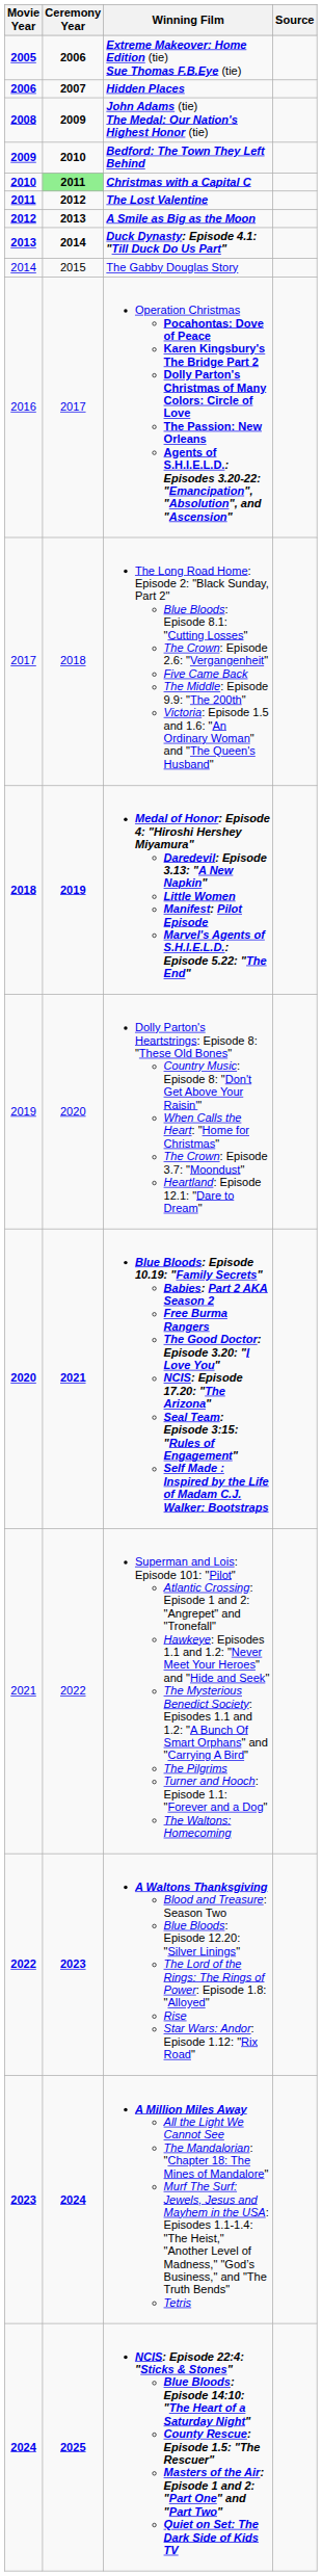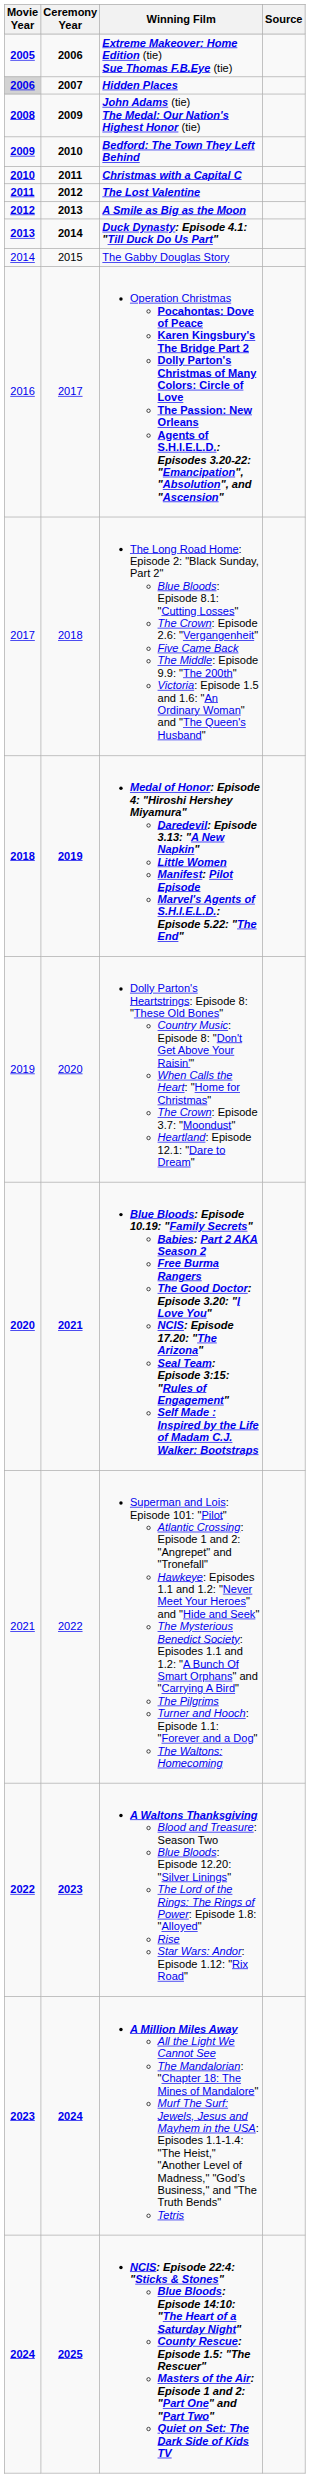 <table class="wikitable" style="width:70%">
 <tr bgcolor="#bebebe">
 <th width="5%">Movie Year</th>
 <th width="5%">Ceremony Year</th>
 <th width="55%">Winning Film</th>
 <th width="5%">Source</th>
 </tr>
 <tr>
 <td style="text-align:center"><strong><a href='#'>2005</a></strong></td>
 <td style="text-align:center"><strong>2006</strong></td>
 <td><strong><em><a href='#'>Extreme Makeover: Home Edition</a></em></strong> (tie)<br><strong><em><a href='#'>Sue Thomas F.B.Eye</a></em></strong> (tie)</td>
 <td style="text-align:center"></td>
 </tr>
 <tr>
-<td style="text-align:center"><strong><a href='#'>2006</a></strong></td>
+<td style="background: lightgrey; text-align:center"><strong><a href='#'>2006</a></strong></td>
 <td style="text-align:center"><strong>2007</strong></td>
 <td><strong><em><a href='#'>Hidden Places</a></em></strong></td>
 <td style="text-align:center"></td>
 </tr>
 <tr>
 <td style="text-align:center"><strong><a href='#'>2008</a></strong></td>
 <td style="text-align:center"><strong>2009</strong></td>
 <td><strong><em><a href='#'>John Adams</a></em></strong> (tie)<br><strong><em><a href='#'>The Medal: Our Nation's Highest Honor</a></em></strong> (tie)</td>
 <td style="text-align:center"></td>
 </tr>
 <tr>
 <td style="text-align:center"><strong><a href='#'>2009</a></strong></td>
 <td style="text-align:center"><strong>2010</strong></td>
 <td><strong><em><a href='#'>Bedford: The Town They Left Behind</a></em></strong></td>
 <td style="text-align:center"></td>
 </tr>
 <tr>
 <td style="text-align:center"><strong><a href='#'>2010</a></strong></td>
-<td style="background: lightgreen; text-align:center"><strong>2011</strong></td>
+<td style="text-align:center"><strong>2011</strong></td>
 <td><strong><em><a href='#'>Christmas with a Capital C</a></em></strong></td>
 <td style="text-align:center"></td>
 </tr>
 <tr>
 <td style="text-align:center"><strong><a href='#'>2011</a></strong></td>
 <td style="text-align:center"><strong>2012</strong></td>
 <td><strong><em><a href='#'>The Lost Valentine</a></em></strong></td>
 <td style="text-align:center"></td>
 </tr>
 <tr>
 <td style="text-align:center"><strong><a href='#'>2012</a></strong></td>
 <td style="text-align:center"><strong>2013</strong></td>
 <td><strong><em><a href='#'>A Smile as Big as the Moon</a></em></strong></td>
 <td style="text-align:center"></td>
 </tr>
 <tr>
 <td style="text-align:center"><strong><a href='#'>2013</a></strong></td>
 <td style="text-align:center"><strong>2014</strong></td>
 <td><strong><em><a href='#'>Duck Dynasty</a><em>: Episode 4.1: "<a href='#'>Till Duck Do Us Part</a>"<strong></td>
 <td style="text-align:center"></td>
 </tr>
 <tr>
 <td style="text-align:center"></strong><a href='#'>2014</a><strong></td>
 <td style="text-align:center"></strong>2015<strong></td>
 <td></em></strong><a href='#'>The Gabby Douglas Story</a><strong><em></td>
 <td style="text-align:center"></td>
 </tr>
 <tr>
 <td style="text-align:center"></strong><a href='#'>2016</a><strong></td>
 <td style="text-align:center"></strong><a href='#'>2017</a><strong></td>
 <td><br><ul><li></em></strong><a href='#'>Operation Christmas</a><strong><em><ul><li></em><a href='#'>Pocahontas: Dove of Peace</a><em></li><li></em><a href='#'>Karen Kingsbury's The Bridge Part 2</a><em></li><li></em><a href='#'>Dolly Parton's Christmas of Many Colors: Circle of Love</a><em></li><li></em><a href='#'>The Passion: New Orleans</a><em></li><li></em><a href='#'>Agents of S.H.I.E.L.D.</a><em>: Episodes 3.20-22: "<a href='#'>Emancipation</a>", "<a href='#'>Absolution</a>", and "<a href='#'>Ascension</a>"</li></ul></li></ul></td>
 </tr>
 <tr>
 <td style="text-align:center"></strong><a href='#'>2017</a><strong></td>
 <td style="text-align:center"></strong><a href='#'>2018</a><strong></td>
 <td><br><ul><li></em></strong><a href='#'>The Long Road Home</a></em>: Episode 2: "Black Sunday, Part 2"</strong><ul><li><em><a href='#'>Blue Bloods</a></em>: Episode 8.1: "<a href='#'>Cutting Losses</a>"</li><li><em><a href='#'>The Crown</a></em>: Episode 2.6: "<a href='#'>Vergangenheit</a>"</li><li><em><a href='#'>Five Came Back</a></em></li><li><em><a href='#'>The Middle</a></em>: Episode 9.9: "<a href='#'>The 200th</a>"</li><li><em><a href='#'>Victoria</a></em>: Episode 1.5 and 1.6: "<a href='#'>An Ordinary Woman</a>" and "<a href='#'>The Queen's Husband</a>"</li></ul></li></ul></td>
 <td style="text-align:center"></td>
 </tr>
 <tr>
 <td style="text-align:center"><strong><a href='#'>2018</a></strong></td>
 <td style="text-align:center"><strong><a href='#'>2019</a></strong></td>
 <td><br><ul><li><strong><em><a href='#'>Medal of Honor</a><em>: Episode 4: "Hiroshi Hershey Miyamura"<strong><ul><li></em><a href='#'>Daredevil</a><em>: Episode 3.13: "<a href='#'>A New Napkin</a>"</li><li></em><a href='#'>Little Women</a><em></li><li></em><a href='#'>Manifest</a><em>: <a href='#'>Pilot Episode</a></li><li></em><a href='#'>Marvel's Agents of S.H.I.E.L.D.</a><em>: Episode 5.22: "<a href='#'>The End</a>"</li></ul></li></ul></td>
 <td style="text-align:center"></td>
 </tr>
 <tr>
 <td style="text-align:center"></strong><a href='#'>2019</a><strong></td>
 <td style="text-align:center"></strong><a href='#'>2020</a><strong></td>
 <td><br><ul><li></em></strong><a href='#'>Dolly Parton's Heartstrings</a></em>: Episode 8: "<a href='#'>These Old Bones</a>"</strong><ul><li><em><a href='#'>Country Music</a></em>: Episode 8: "<a href='#'>Don't Get Above Your Raisin'</a>"</li><li><em><a href='#'>When Calls the Heart</a></em>: "<a href='#'>Home for Christmas</a>"</li><li><em><a href='#'>The Crown</a></em>: Episode 3.7: "<a href='#'>Moondust</a>"</li><li><em><a href='#'>Heartland</a></em>: Episode 12.1: "<a href='#'>Dare to Dream</a>"</li></ul></li></ul></td>
 <td style="text-align:center"></td>
 </tr>
 <tr>
 <td style="text-align:center"><strong><a href='#'>2020</a></strong></td>
 <td style="text-align:center"><strong><a href='#'>2021</a></strong></td>
 <td><br><ul><li><strong><em><a href='#'>Blue Bloods</a><em>: Episode 10.19: "<a href='#'>Family Secrets</a>"<strong><ul><li></em><a href='#'>Babies</a><em>: <a href='#'>Part 2 AKA Season 2</a></li><li></em><a href='#'>Free Burma Rangers</a><em></li><li></em><a href='#'>The Good Doctor</a><em>: Episode 3.20: "<a href='#'>I Love You</a>"</li><li></em><a href='#'>NCIS</a><em>: Episode 17.20: "<a href='#'>The Arizona</a>"</li><li></em><a href='#'>Seal Team</a><em>: Episode 3:15: "<a href='#'>Rules of Engagement</a>"</li><li></em><a href='#'>Self Made : Inspired by the Life of Madam C.J. Walker: Bootstraps</a><em></li></ul></li></ul></td>
 <td style="text-align:center"></td>
 </tr>
 <tr>
 <td style="text-align:center"></strong><a href='#'>2021</a><strong></td>
 <td style="text-align:center"></strong><a href='#'>2022</a><strong></td>
 <td><br><ul><li></em></strong><a href='#'>Superman and Lois</a></em>: Episode 101: "<a href='#'>Pilot</a>"</strong><ul><li><em><a href='#'>Atlantic Crossing</a></em>: Episode 1 and 2: "Angrepet" and "Tronefall"</li><li><em><a href='#'>Hawkeye</a></em>: Episodes 1.1 and 1.2: "<a href='#'>Never Meet Your Heroes</a>" and "<a href='#'>Hide and Seek</a>"</li><li><em><a href='#'>The Mysterious Benedict Society</a></em>: Episodes 1.1 and 1.2: "<a href='#'>A Bunch Of Smart Orphans</a>" and "<a href='#'>Carrying A Bird</a>"</li><li><em><a href='#'>The Pilgrims</a></em></li><li><em><a href='#'>Turner and Hooch</a></em>: Episode 1.1: "<a href='#'>Forever and a Dog</a>"</li><li><em><a href='#'>The Waltons: Homecoming</a></em></li></ul></li></ul></td>
 <td style="text-align:center"></td>
 </tr>
 <tr>
 <td style="text-align:center"><strong><a href='#'>2022</a></strong></td>
 <td style="text-align:center"><strong><a href='#'>2023</a></strong></td>
 <td><br><ul><li><strong><em><a href='#'>A Waltons Thanksgiving</a></em></strong><ul><li><em><a href='#'>Blood and Treasure</a></em>: Season Two</li><li><em><a href='#'>Blue Bloods</a></em>: Episode 12.20: "<a href='#'>Silver Linings</a>"</li><li><em><a href='#'>The Lord of the Rings: The Rings of Power</a></em>: Episode 1.8: "<a href='#'>Alloyed</a>"</li><li><em><a href='#'>Rise</a></em></li><li><em><a href='#'>Star Wars: Andor</a></em>: Episode 1.12: "<a href='#'>Rix Road</a>"</li></ul></li></ul></td>
 <td style="text-align:center"></td>
 </tr>
 <tr>
 <td style="text-align:center"><strong><a href='#'>2023</a></strong></td>
 <td style="text-align:center"><strong><a href='#'>2024</a></strong></td>
 <td><br><ul><li><strong><em><a href='#'>A Million Miles Away</a></em></strong><ul><li><em><a href='#'>All the Light We Cannot See</a></em></li><li><em><a href='#'>The Mandalorian</a></em>: "<a href='#'>Chapter 18: The Mines of Mandalore</a>"</li><li><em><a href='#'>Murf The Surf: Jewels, Jesus and Mayhem in the USA</a></em>: Episodes 1.1-1.4: "The Heist," "Another Level of Madness," "God’s Business," and "The Truth Bends"</li><li><em><a href='#'>Tetris</a></em></li></ul></li></ul></td>
 <td style="text-align:center"></td>
 </tr>
 <tr>
 <td style="text-align:center"><strong><a href='#'>2024</a></strong></td>
 <td style="text-align:center"><strong><a href='#'>2025</a></strong></td>
 <td><br><ul><li><strong><em><a href='#'>NCIS</a><em>: Episode 22:4: "<a href='#'>Sticks & Stones</a>"<strong><ul><li></em><a href='#'>Blue Bloods</a><em>: Episode 14:10: "<a href='#'>The Heart of a Saturday Night</a>"</li><li></em><a href='#'>County Rescue</a><em>: Episode 1.5: "The Rescuer"</li><li></em><a href='#'>Masters of the Air</a><em>: Episode 1 and 2: "<a href='#'>Part One</a>" and "<a href='#'>Part Two</a>"</li><li></em><a href='#'>Quiet on Set: The Dark Side of Kids TV</a><em></li></ul></li></ul></td>
 <td style="text-align:center"></td>
 </tr>
 </table>
